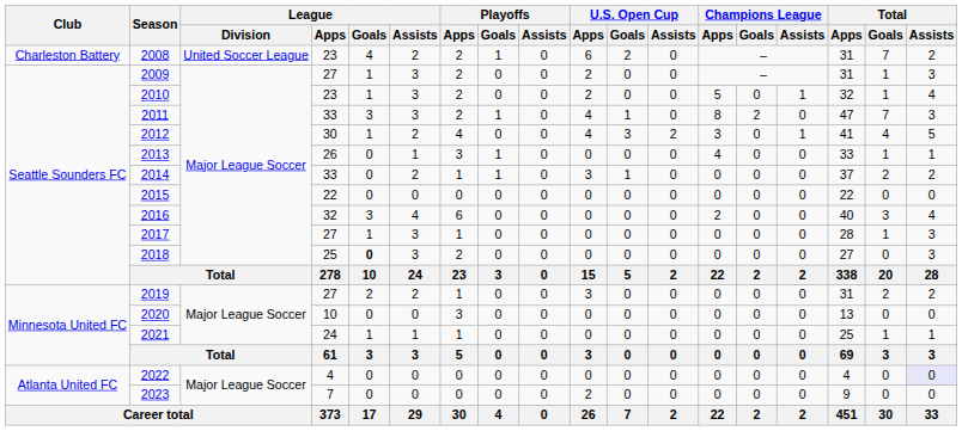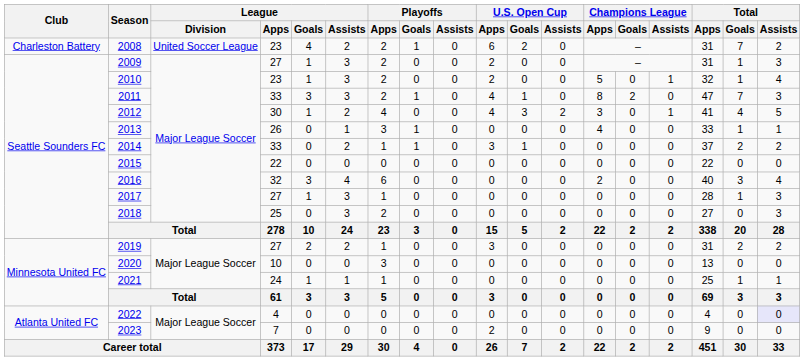 <table class="wikitable" style="text-align: center;">
 <tr>
 <th rowspan="2">Club</th>
 <th rowspan="2">Season</th>
 <th colspan="4">League</th>
 <th colspan="3">Playoffs</th>
 <th colspan="3"><a href='#'>U.S. Open Cup</a></th>
 <th colspan="3"><a href='#'>Champions League</a></th>
 <th colspan="3">Total</th>
 </tr>
 <tr>
 <th>Division</th>
 <th>Apps</th>
 <th>Goals</th>
 <th>Assists</th>
 <th>Apps</th>
 <th>Goals</th>
 <th>Assists</th>
 <th>Apps</th>
 <th>Goals</th>
 <th>Assists</th>
 <th>Apps</th>
 <th>Goals</th>
 <th>Assists</th>
 <th>Apps</th>
 <th>Goals</th>
 <th>Assists</th>
 </tr>
 <tr>
 <td><a href='#'>Charleston Battery</a></td>
 <td><a href='#'>2008</a></td>
 <td><a href='#'>United Soccer League</a></td>
 <td>23</td>
 <td>4</td>
 <td>2</td>
 <td>2</td>
 <td>1</td>
 <td>0</td>
 <td>6</td>
 <td>2</td>
 <td>0</td>
 <td colspan="3">–</td>
 <td>31</td>
 <td>7</td>
 <td>2</td>
 </tr>
 <tr>
 <td rowspan="11"><a href='#'>Seattle Sounders FC</a></td>
 <td><a href='#'>2009</a></td>
 <td rowspan="10"><a href='#'>Major League Soccer</a></td>
 <td>27</td>
 <td>1</td>
 <td>3</td>
 <td>2</td>
 <td>0</td>
 <td>0</td>
 <td>2</td>
 <td>0</td>
 <td>0</td>
 <td colspan="3">–</td>
 <td>31</td>
 <td>1</td>
 <td>3</td>
 </tr>
 <tr>
 <td><a href='#'>2010</a></td>
 <td>23</td>
 <td>1</td>
 <td>3</td>
 <td>2</td>
 <td>0</td>
 <td>0</td>
 <td>2</td>
 <td>0</td>
 <td>0</td>
 <td>5</td>
 <td>0</td>
 <td>1</td>
 <td>32</td>
 <td>1</td>
 <td>4</td>
 </tr>
 <tr>
 <td><a href='#'>2011</a></td>
 <td>33</td>
 <td>3</td>
 <td>3</td>
 <td>2</td>
 <td>1</td>
 <td>0</td>
 <td>4</td>
 <td>1</td>
 <td>0</td>
 <td>8</td>
 <td>2</td>
 <td>0</td>
 <td>47</td>
 <td>7</td>
 <td>3</td>
 </tr>
 <tr>
 <td><a href='#'>2012</a></td>
 <td>30</td>
 <td>1</td>
 <td>2</td>
 <td>4</td>
 <td>0</td>
 <td>0</td>
 <td>4</td>
 <td>3</td>
 <td>2</td>
 <td>3</td>
 <td>0</td>
 <td>1</td>
 <td>41</td>
 <td>4</td>
 <td>5</td>
 </tr>
 <tr>
 <td><a href='#'>2013</a></td>
 <td>26</td>
 <td>0</td>
 <td>1</td>
 <td>3</td>
 <td>1</td>
 <td>0</td>
 <td>0</td>
 <td>0</td>
 <td>0</td>
 <td>4</td>
 <td>0</td>
 <td>0</td>
 <td>33</td>
 <td>1</td>
 <td>1</td>
 </tr>
 <tr>
 <td><a href='#'>2014</a></td>
 <td>33</td>
 <td>0</td>
 <td>2</td>
 <td>1</td>
 <td>1</td>
 <td>0</td>
 <td>3</td>
 <td>1</td>
 <td>0</td>
 <td>0</td>
 <td>0</td>
 <td>0</td>
 <td>37</td>
 <td>2</td>
 <td>2</td>
 </tr>
 <tr>
 <td><a href='#'>2015</a></td>
 <td>22</td>
 <td>0</td>
 <td>0</td>
 <td>0</td>
 <td>0</td>
 <td>0</td>
 <td>0</td>
 <td>0</td>
 <td>0</td>
 <td>0</td>
 <td>0</td>
 <td>0</td>
 <td>22</td>
 <td>0</td>
 <td>0</td>
 </tr>
 <tr>
 <td><a href='#'>2016</a></td>
 <td>32</td>
 <td>3</td>
 <td>4</td>
 <td>6</td>
 <td>0</td>
 <td>0</td>
 <td>0</td>
 <td>0</td>
 <td>0</td>
 <td>2</td>
 <td>0</td>
 <td>0</td>
 <td>40</td>
 <td>3</td>
 <td>4</td>
 </tr>
 <tr>
 <td><a href='#'>2017</a></td>
 <td>27</td>
 <td>1</td>
 <td>3</td>
 <td>1</td>
 <td>0</td>
 <td>0</td>
 <td>0</td>
 <td>0</td>
 <td>0</td>
 <td>0</td>
 <td>0</td>
 <td>0</td>
 <td>28</td>
 <td>1</td>
 <td>3</td>
 </tr>
 <tr>
 <td><a href='#'>2018</a></td>
 <td>25</td>
-<td><strong>0</strong></td>
+<td>0</td>
 <td>3</td>
 <td>2</td>
 <td>0</td>
 <td>0</td>
 <td>0</td>
 <td>0</td>
 <td>0</td>
 <td>0</td>
 <td>0</td>
 <td>0</td>
 <td>27</td>
 <td>0</td>
 <td>3</td>
 </tr>
 <tr>
 <th colspan="2">Total</th>
 <th>278</th>
 <th>10</th>
 <th>24</th>
 <th>23</th>
 <th>3</th>
 <th>0</th>
 <th>15</th>
 <th>5</th>
 <th>2</th>
 <th>22</th>
 <th>2</th>
 <th>2</th>
 <th>338</th>
 <th>20</th>
 <th>28</th>
 </tr>
 <tr>
 <td rowspan="4"><a href='#'>Minnesota United FC</a></td>
 <td><a href='#'>2019</a></td>
 <td rowspan="3">Major League Soccer</td>
 <td>27</td>
 <td>2</td>
 <td>2</td>
 <td>1</td>
 <td>0</td>
 <td>0</td>
 <td>3</td>
 <td>0</td>
 <td>0</td>
 <td>0</td>
 <td>0</td>
 <td>0</td>
 <td>31</td>
 <td>2</td>
 <td>2</td>
 </tr>
 <tr>
 <td><a href='#'>2020</a></td>
 <td>10</td>
 <td>0</td>
 <td>0</td>
 <td>3</td>
 <td>0</td>
 <td>0</td>
 <td>0</td>
 <td>0</td>
 <td>0</td>
 <td>0</td>
 <td>0</td>
 <td>0</td>
 <td>13</td>
 <td>0</td>
 <td>0</td>
 </tr>
 <tr>
 <td><a href='#'>2021</a></td>
 <td>24</td>
 <td>1</td>
 <td>1</td>
 <td>1</td>
 <td>0</td>
 <td>0</td>
 <td>0</td>
 <td>0</td>
 <td>0</td>
 <td>0</td>
 <td>0</td>
 <td>0</td>
 <td>25</td>
 <td>1</td>
 <td>1</td>
 </tr>
 <tr>
 <th colspan="2">Total</th>
 <th>61</th>
 <th>3</th>
 <th>3</th>
 <th>5</th>
 <th>0</th>
 <th>0</th>
 <th>3</th>
 <th>0</th>
 <th>0</th>
 <th>0</th>
 <th>0</th>
 <th>0</th>
 <th>69</th>
 <th>3</th>
 <th>3</th>
 </tr>
 <tr>
 <td rowspan=2><a href='#'>Atlanta United FC</a></td>
 <td><a href='#'>2022</a></td>
 <td rowspan=2>Major League Soccer</td>
 <td>4</td>
 <td>0</td>
 <td>0</td>
 <td>0</td>
 <td>0</td>
 <td>0</td>
 <td>0</td>
 <td>0</td>
 <td>0</td>
 <td>0</td>
 <td>0</td>
 <td>0</td>
 <td>4</td>
 <td>0</td>
 <td style="background: lavender;">0</td>
 </tr>
 <tr>
 <td><a href='#'>2023</a></td>
 <td>7</td>
 <td>0</td>
 <td>0</td>
 <td>0</td>
 <td>0</td>
 <td>0</td>
 <td>2</td>
 <td>0</td>
 <td>0</td>
 <td>0</td>
 <td>0</td>
 <td>0</td>
 <td>9</td>
 <td>0</td>
 <td>0</td>
 </tr>
 <tr>
 <th colspan="3">Career total</th>
 <th>373</th>
 <th>17</th>
 <th>29</th>
 <th>30</th>
 <th>4</th>
 <th>0</th>
 <th>26</th>
 <th>7</th>
 <th>2</th>
 <th>22</th>
 <th>2</th>
 <th>2</th>
 <th>451</th>
 <th>30</th>
 <th>33</th>
 </tr>
 </table>
